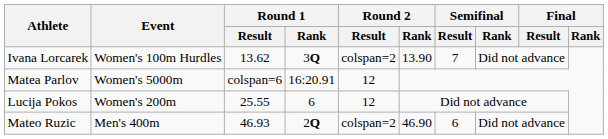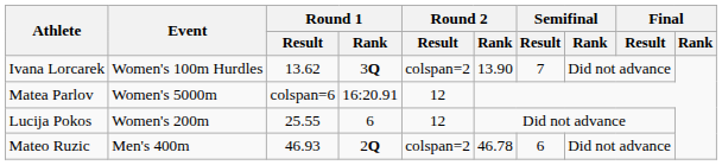 <table class="wikitable" style="font-size:90%">
 <tr>
 <th rowspan="2">Athlete</th>
 <th rowspan="2">Event</th>
 <th colspan="2">Round 1</th>
 <th colspan="2">Round 2</th>
 <th colspan="2">Semifinal</th>
 <th colspan="2">Final</th>
 </tr>
 <tr style="font-size:95%">
 <th>Result</th>
 <th>Rank</th>
 <th>Result</th>
 <th>Rank</th>
 <th>Result</th>
 <th>Rank</th>
 <th>Result</th>
 <th>Rank</th>
 </tr>
 <tr align=center>
 <td align=left>Ivana Lorcarek</td>
 <td align=left>Women's 100m Hurdles</td>
 <td>13.62</td>
 <td>3<strong>Q</strong></td>
 <td>colspan=2 </td>
 <td>13.90</td>
 <td>7</td>
 <td colspan=2>Did not advance</td>
 </tr>
 <tr align=center>
 <td align=left>Matea Parlov</td>
 <td align=left>Women's 5000m</td>
 <td>colspan=6 </td>
 <td>16:20.91</td>
 <td>12</td>
 </tr>
 <tr align=center>
 <td align=left>Lucija Pokos</td>
 <td align=left>Women's 200m</td>
 <td>25.55</td>
 <td>6</td>
 <td>12</td>
 <td colspan=4>Did not advance</td>
 </tr>
 <tr align=center>
 <td align=left>Mateo Ruzic</td>
 <td align=left>Men's 400m</td>
 <td>46.93</td>
 <td>2<strong>Q</strong></td>
 <td>colspan=2 </td>
-<td>46.90</td>
+<td>46.78</td>
 <td>6</td>
 <td colspan=2>Did not advance</td>
 </tr>
 </table>
